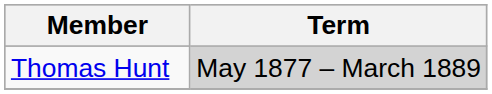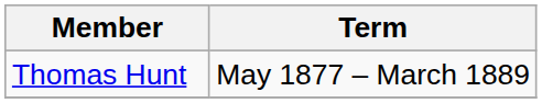 <table class="wikitable">
 <tr>
 <th>Member</th>
 <th>Term</th>
 </tr>
 <tr>
 <td><a href='#'>Thomas Hunt</a>  </td>
-<td style="background: lightgrey;">May 1877 – March 1889</td>
+<td>May 1877 – March 1889</td>
 </tr>
 <tr>
 </tr>
 </table>
